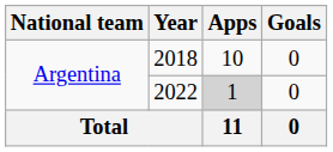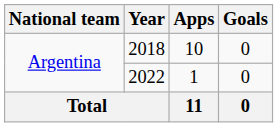 <table class="wikitable" style="text-align:center">
 <tr>
 <th>National team</th>
 <th>Year</th>
 <th>Apps</th>
 <th>Goals</th>
 </tr>
 <tr>
 <td rowspan=2><a href='#'>Argentina</a></td>
 <td>2018</td>
 <td>10</td>
 <td>0</td>
 </tr>
 <tr>
 <td>2022</td>
-<td style="background: lightgrey;">1</td>
+<td>1</td>
 <td>0</td>
 </tr>
 <tr>
 <th colspan=2>Total</th>
 <th>11</th>
 <th>0</th>
 </tr>
 </table>
